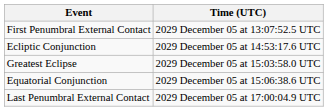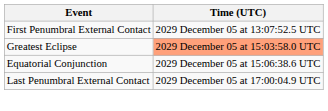 <table class="wikitable">
 <tr>
 <th>Event</th>
 <th>Time (UTC)</th>
 </tr>
 <tr>
 <td>First Penumbral External Contact</td>
 <td>2029 December 05 at 13:07:52.5 UTC</td>
 </tr>
 <tr>
-<td>Ecliptic Conjunction</td>
-<td>2029 December 05 at 14:53:17.6 UTC</td>
-</tr>
-<tr>
 <td>Greatest Eclipse</td>
-<td>2029 December 05 at 15:03:58.0 UTC</td>
+<td style="background: lightsalmon;">2029 December 05 at 15:03:58.0 UTC</td>
 </tr>
 <tr>
 <td>Equatorial Conjunction</td>
 <td>2029 December 05 at 15:06:38.6 UTC</td>
 </tr>
 <tr>
 <td>Last Penumbral External Contact</td>
 <td>2029 December 05 at 17:00:04.9 UTC</td>
 </tr>
 </table>
